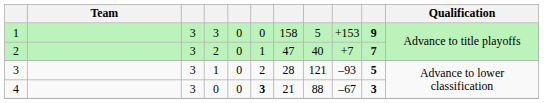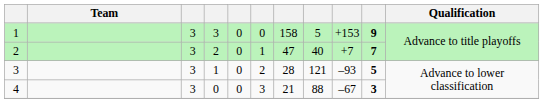 <table class="wikitable" style="text-align:center;">
 <tr>
 <th style="width:1.5em;"></th>
 <th style="width:12.5em">Team</th>
 <th style="width:1.5em;"></th>
 <th style="width:1.5em;"></th>
 <th style="width:1.5em;"></th>
 <th style="width:1.5em;"></th>
 <th style="width:2.0em;"></th>
 <th style="width:2.0em;"></th>
 <th style="width:2.0em;"></th>
 <th style="width:1.5em;"></th>
 <th style="width:12.5em">Qualification</th>
 </tr>
 <tr bgcolor=#bbf3bb>
 <td>1</td>
 <td align=left></td>
 <td>3</td>
 <td>3</td>
 <td>0</td>
 <td>0</td>
 <td>158</td>
 <td>5</td>
 <td>+153</td>
 <td><strong>9</strong></td>
 <td rowspan="2">Advance to title playoffs</td>
 </tr>
 <tr bgcolor=#bbf3bb>
 <td>2</td>
 <td align=left></td>
 <td>3</td>
 <td>2</td>
 <td>0</td>
 <td>1</td>
 <td>47</td>
 <td>40</td>
 <td>+7</td>
 <td><strong>7</strong></td>
 </tr>
 <tr>
 <td>3</td>
 <td align=left></td>
 <td>3</td>
 <td>1</td>
 <td>0</td>
 <td>2</td>
 <td>28</td>
 <td>121</td>
 <td>–93</td>
 <td><strong>5</strong></td>
 <td rowspan="2">Advance to lower classification</td>
 </tr>
 <tr>
 <td>4</td>
 <td align=left></td>
 <td>3</td>
 <td>0</td>
 <td>0</td>
-<td><strong>3</strong></td>
+<td>3</td>
 <td>21</td>
 <td>88</td>
 <td>–67</td>
 <td><strong>3</strong></td>
 </tr>
 <tr>
 </tr>
 </table>
